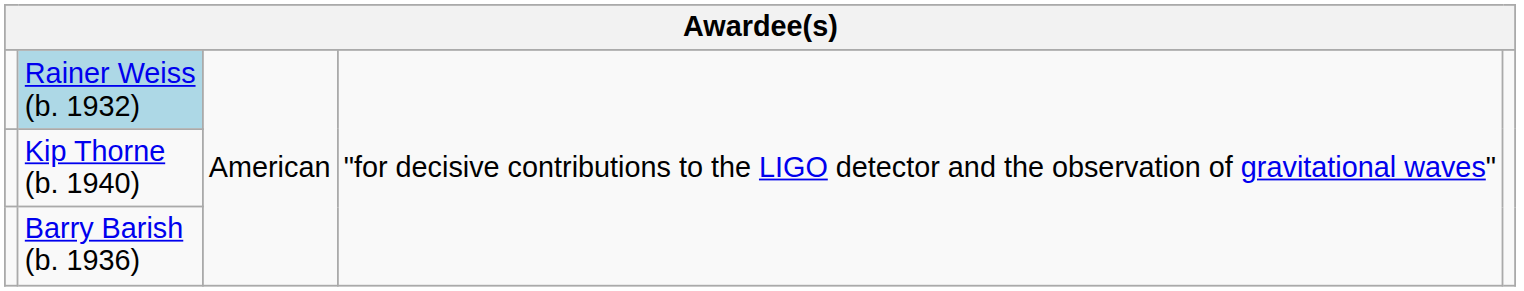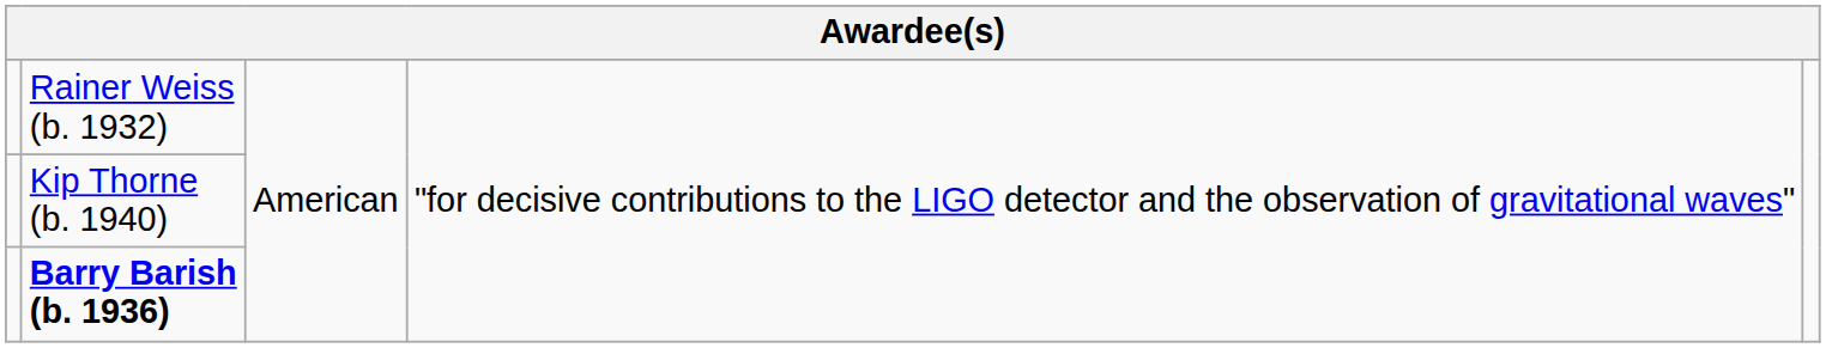 <table class="wikitable">
 <tr>
 <th colspan="5">Awardee(s)</th>
 </tr>
 <tr>
 <td></td>
-<td style="background: lightblue;"><a href='#'>Rainer Weiss</a><br>(b. 1932)</td>
+<td><a href='#'>Rainer Weiss</a><br>(b. 1932)</td>
 <td rowspan="3"> American</td>
 <td rowspan="3">"for decisive contributions to the <a href='#'>LIGO</a> detector and the observation of <a href='#'>gravitational waves</a>"</td>
 <td rowspan="3"></td>
 </tr>
 <tr>
 <td></td>
 <td><a href='#'>Kip Thorne</a><br>(b. 1940)</td>
 </tr>
 <tr>
 <td></td>
-<td><a href='#'>Barry Barish</a><br>(b. 1936)</td>
+<td><strong><a href='#'>Barry Barish</a><br>(b. 1936)</strong></td>
 </tr>
 </table>
